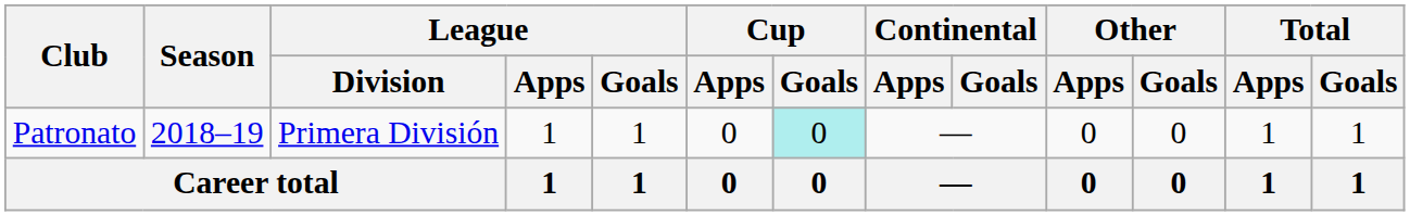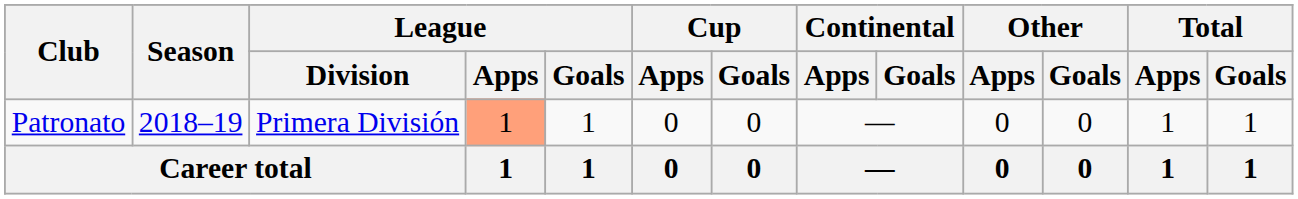 <table class="wikitable" style="text-align:center">
 <tr>
 <th rowspan="2">Club</th>
 <th rowspan="2">Season</th>
 <th colspan="3">League</th>
 <th colspan="2">Cup</th>
 <th colspan="2">Continental</th>
 <th colspan="2">Other</th>
 <th colspan="2">Total</th>
 </tr>
 <tr>
 <th>Division</th>
 <th>Apps</th>
 <th>Goals</th>
 <th>Apps</th>
 <th>Goals</th>
 <th>Apps</th>
 <th>Goals</th>
 <th>Apps</th>
 <th>Goals</th>
 <th>Apps</th>
 <th>Goals</th>
 </tr>
 <tr>
 <td rowspan="1"><a href='#'>Patronato</a></td>
 <td><a href='#'>2018–19</a></td>
 <td rowspan="1"><a href='#'>Primera División</a></td>
-<td>1</td>
+<td style="background: lightsalmon;">1</td>
 <td>1</td>
 <td>0</td>
-<td style="background: paleturquoise;">0</td>
+<td>0</td>
 <td colspan="2">—</td>
 <td>0</td>
 <td>0</td>
 <td>1</td>
 <td>1</td>
 </tr>
 <tr>
 <th colspan="3">Career total</th>
 <th>1</th>
 <th>1</th>
 <th>0</th>
 <th>0</th>
 <th colspan="2">—</th>
 <th>0</th>
 <th>0</th>
 <th>1</th>
 <th>1</th>
 </tr>
 </table>
